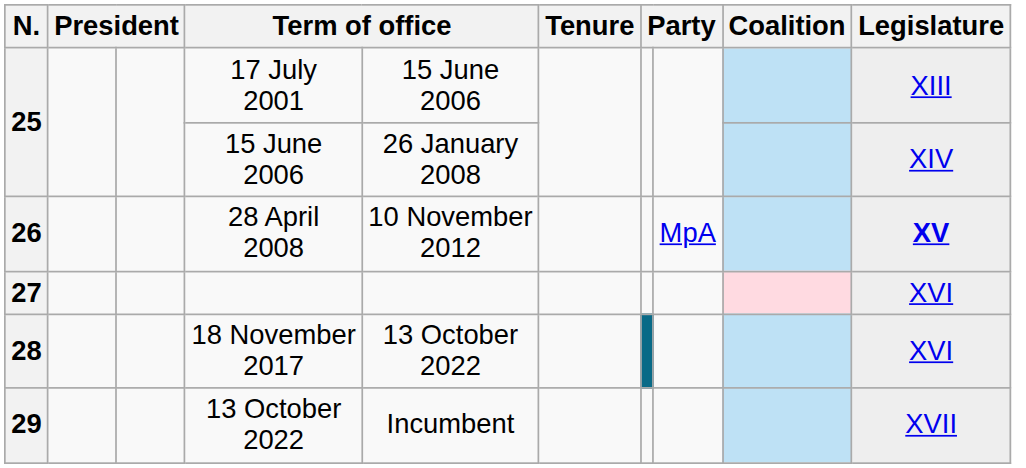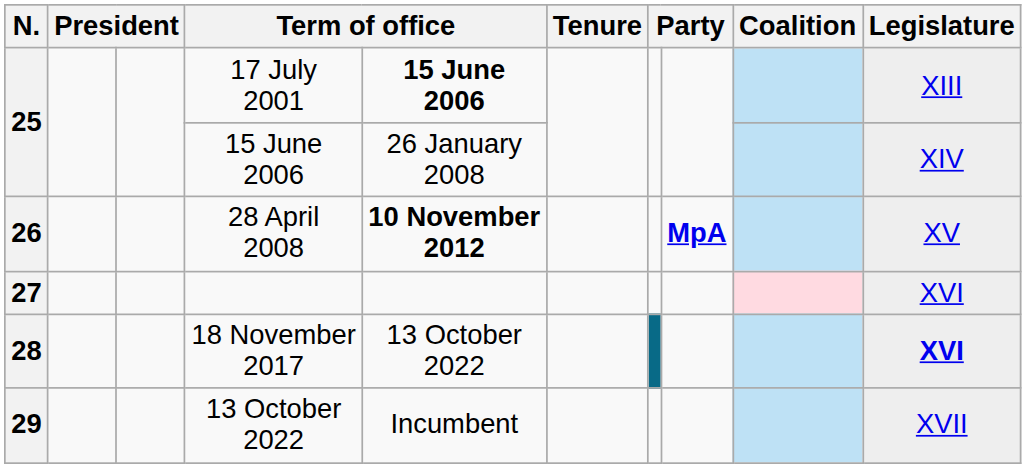 <table class=wikitable style=text-align:center>
 <tr>
 <th>N.</th>
 <th colspan=2>President</th>
 <th colspan=2>Term of office</th>
 <th>Tenure<br></th>
 <th colspan=2>Party</th>
 <th>Coalition</th>
 <th>Legislature</th>
 </tr>
 <tr>
 <th rowspan=2>25</th>
 <td rowspan=2></td>
 <td rowspan=2></td>
 <td>17 July<br>2001</td>
-<td>15 June<br>2006</td>
+<td><strong>15 June<br>2006</strong></td>
 <td rowspan=2></td>
 <td rowspan=2></td>
 <td rowspan=2></td>
 <td bgcolor=#BEE1F5></td>
 <td bgcolor=#EEEEEE><a href='#'>XIII<br></a></td>
 </tr>
 <tr>
 <td>15 June<br>2006</td>
 <td>26 January<br>2008</td>
 <td bgcolor=#BEE1F5></td>
 <td bgcolor=#EEEEEE><a href='#'>XIV<br></a></td>
 </tr>
 <tr>
 <th rowspan=1>26</th>
 <td rowspan=1></td>
 <td rowspan=1></td>
 <td>28 April<br>2008</td>
-<td>10 November<br>2012</td>
+<td><strong>10 November<br>2012</strong></td>
 <td rowspan=1></td>
 <td rowspan=1></td>
-<td><a href='#'>MpA</a></td>
+<td><strong><a href='#'>MpA</a></strong></td>
 <td bgcolor=#BEE1F5></td>
-<td bgcolor=#EEEEEE><strong><a href='#'>XV<br></a></strong></td>
+<td bgcolor=#EEEEEE><a href='#'>XV<br></a></td>
 </tr>
 <tr>
 <th rowspan=1>27</th>
 <td rowspan=1></td>
 <td rowspan=1></td>
 <td></td>
 <td></td>
 <td rowspan=1></td>
 <td rowspan=1></td>
 <td></td>
 <td bgcolor=#FFDAE1></td>
 <td bgcolor=#EEEEEE><a href='#'>XVI<br></a></td>
 </tr>
 <tr>
 <th rowspan=1>28</th>
 <td rowspan=1></td>
 <td rowspan=1></td>
 <td>18 November<br>2017</td>
 <td>13 October<br>2022</td>
 <td rowspan=1></td>
 <td rowspan=1 bgcolor="#086A87"></td>
 <td></td>
 <td bgcolor=#BEE1F5></td>
-<td bgcolor=#EEEEEE><a href='#'>XVI<br></a></td>
+<td bgcolor=#EEEEEE><strong><a href='#'>XVI<br></a></strong></td>
 </tr>
 <tr>
 <th rowspan=1>29</th>
 <td rowspan=1></td>
 <td rowspan=1></td>
 <td>13 October<br>2022</td>
 <td>Incumbent</td>
 <td rowspan=1></td>
 <td rowspan=1></td>
 <td></td>
 <td bgcolor=#BEE1F5></td>
 <td bgcolor=#EEEEEE><a href='#'>XVII<br></a></td>
 </tr>
 </table>
